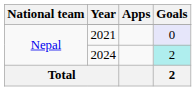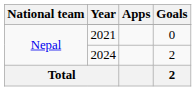 <table class="wikitable" style="text-align:center">
 <tr>
 <th>National team</th>
 <th>Year</th>
 <th>Apps</th>
 <th>Goals</th>
 </tr>
 <tr>
 <td rowspan="3"><a href='#'>Nepal</a></td>
 </tr>
 <tr>
 <td>2021</td>
 <td></td>
-<td style="background: lavender;">0</td>
+<td>0</td>
 </tr>
 <tr>
 <td>2024</td>
 <td></td>
-<td style="background: paleturquoise;">2</td>
+<td>2</td>
 </tr>
 <tr>
 <th colspan="2">Total</th>
 <th></th>
 <th>2</th>
 </tr>
 </table>
